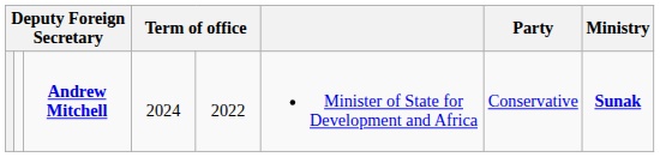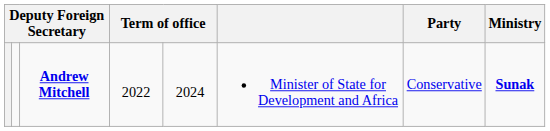 <table class="wikitable" style="text-align:center">
 <tr>
 <th colspan=3>Deputy Foreign Secretary</th>
 <th colspan=2 width="20%">Term of office</th>
 <th></th>
 <th>Party</th>
 <th>Ministry</th>
 </tr>
 <tr style="height:1em">
 <th style="background-color: "></th>
 <td></td>
 <td><strong><a href='#'>Andrew Mitchell</a></strong><br></td>
+<td><br>2022</td>
 <td><br>2024</td>
-<td><br>2022</td>
 <td><br><ul><li><a href='#'>Minister of State for Development and Africa</a></li></ul></td>
 <td><a href='#'>Conservative</a></td>
 <td><strong><a href='#'>Sunak</a></strong></td>
 </tr>
 </table>
